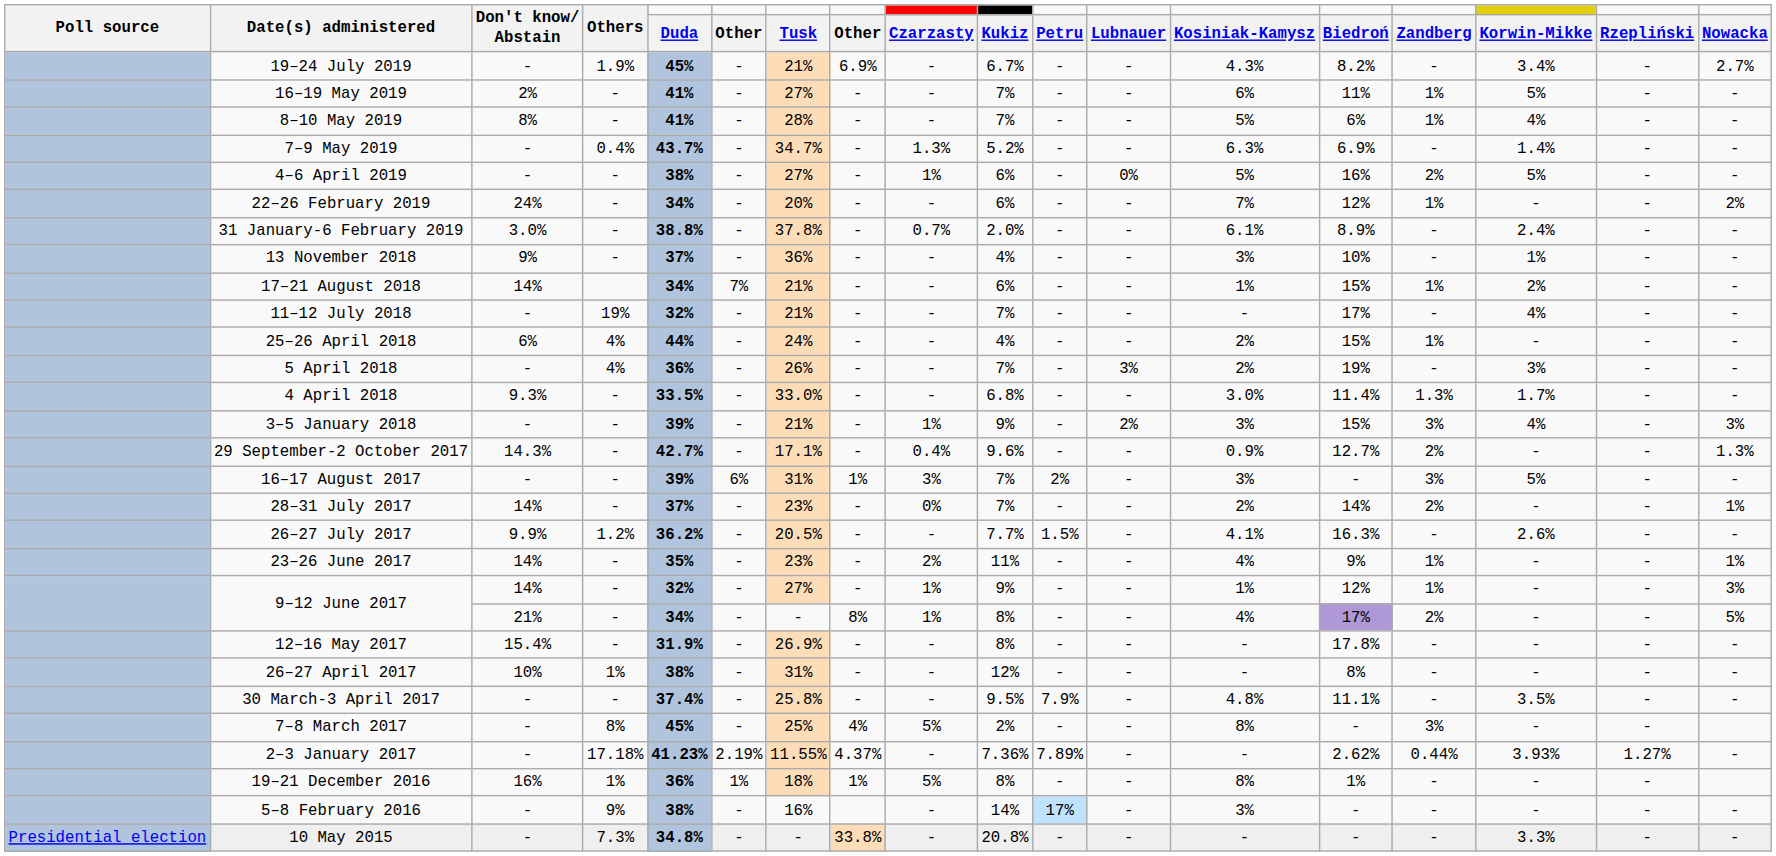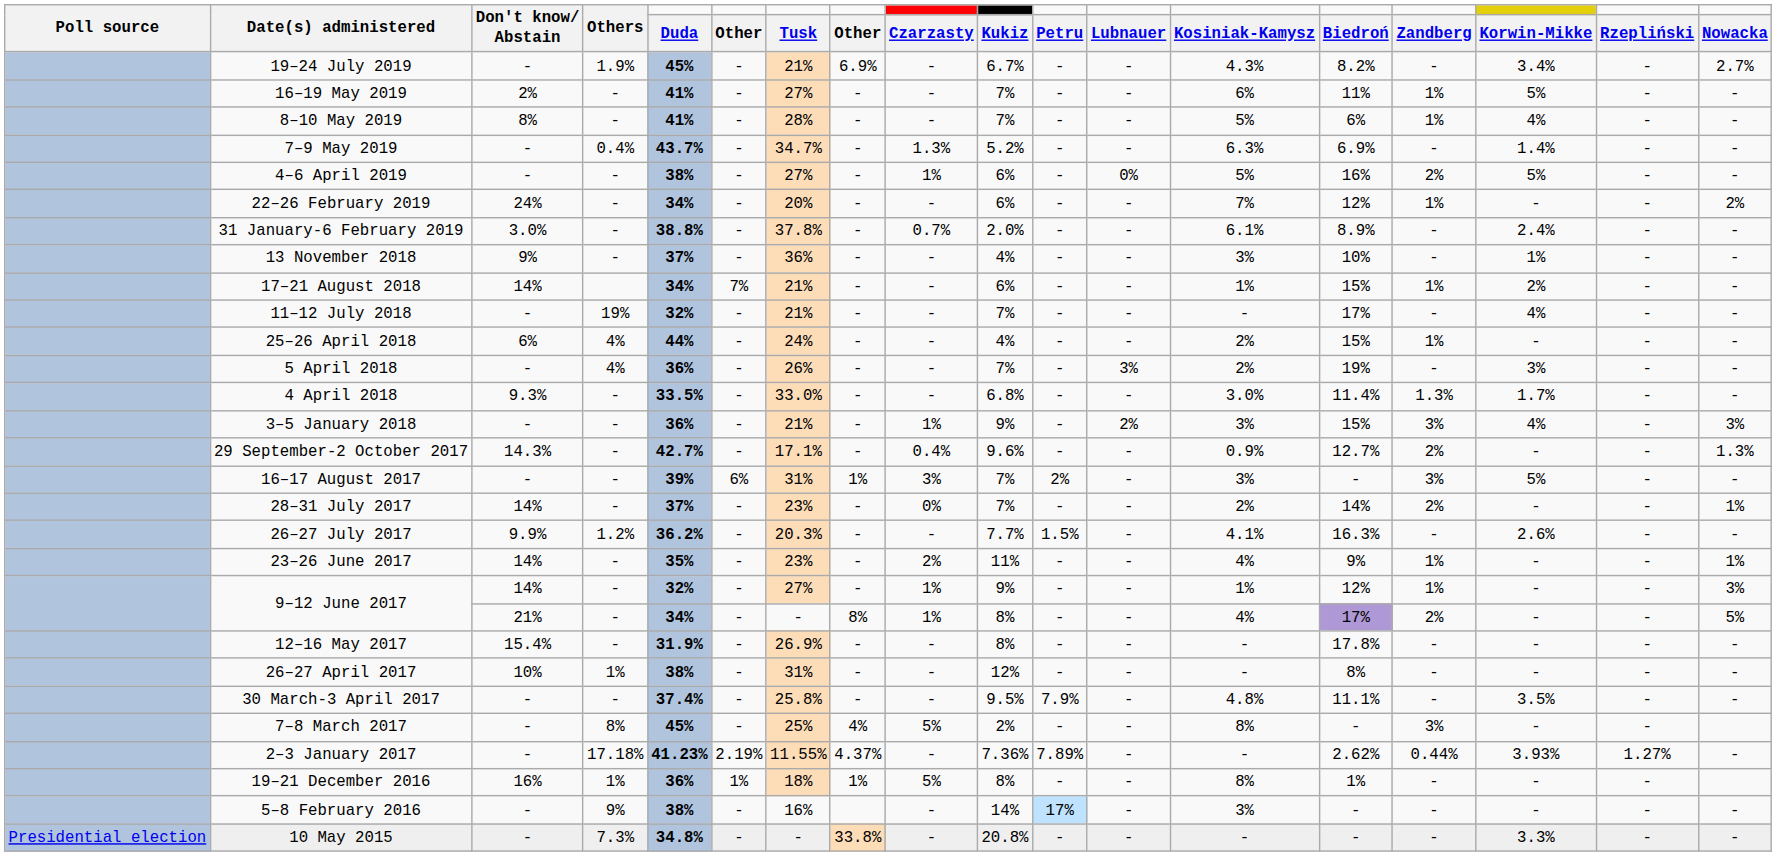 <table class="wikitable" style="text-align:center; font-size:85%; line-height:14px;">
 <tr>
 <th rowspan="2">Poll source</th>
 <th rowspan="2">Date(s) administered</th>
 <th rowspan="2">Don't know/<br>Abstain</th>
 <th rowspan="2">Others</th>
 <td style="background:"></td>
 <td style="background:"></td>
 <td style="background:"></td>
 <td style="background:"></td>
 <td style="background:#f00;"></td>
 <td style="background:#000;"></td>
 <td style="background:"></td>
 <td style="background:"></td>
 <td style="background:"></td>
 <td style="background:"></td>
 <td style="background:"></td>
 <td style="background:#E4D00A;"></td>
 <td style="background:"></td>
 <td style="background:"></td>
 </tr>
 <tr>
 <th><a href='#'>Duda</a><br></th>
 <th>Other<br></th>
 <th><a href='#'>Tusk</a><br></th>
 <th>Other<br></th>
 <th><a href='#'>Czarzasty</a><br></th>
 <th><a href='#'>Kukiz</a><br></th>
 <th><a href='#'>Petru</a><br></th>
 <th><a href='#'>Lubnauer</a><br></th>
 <th><a href='#'>Kosiniak-Kamysz</a><br></th>
 <th><a href='#'>Biedroń</a><br></th>
 <th><a href='#'>Zandberg</a><br></th>
 <th><a href='#'>Korwin-Mikke</a><br></th>
 <th><a href='#'>Rzepliński</a><br></th>
 <th><a href='#'>Nowacka</a><br></th>
 </tr>
 <tr>
 <td style="background:lightsteelblue;"></td>
 <td>19–24 July 2019</td>
 <td>-</td>
 <td>1.9%</td>
 <td style="background:lightsteelblue;"><strong>45%</strong></td>
 <td>-</td>
 <td style="background:#FDDCB8;">21%</td>
 <td>6.9%</td>
 <td>-</td>
 <td>6.7%</td>
 <td>-</td>
 <td>-</td>
 <td>4.3%</td>
 <td>8.2%</td>
 <td>-</td>
 <td>3.4%</td>
 <td>-</td>
 <td>2.7%</td>
 </tr>
 <tr>
 <td style="background:lightsteelblue;"></td>
 <td>16–19 May 2019</td>
 <td>2%</td>
 <td>-</td>
 <td style="background:lightsteelblue;"><strong>41%</strong></td>
 <td>-</td>
 <td style="background:#FDDCB8;">27%</td>
 <td>-</td>
 <td>-</td>
 <td>7%</td>
 <td>-</td>
 <td>-</td>
 <td>6%</td>
 <td>11%</td>
 <td>1%</td>
 <td>5%</td>
 <td>-</td>
 <td>-</td>
 </tr>
 <tr>
 <td style="background:lightsteelblue;"></td>
 <td>8–10 May 2019</td>
 <td>8%</td>
 <td>-</td>
 <td style="background:lightsteelblue;"><strong>41%</strong></td>
 <td>-</td>
 <td style="background:#FDDCB8;">28%</td>
 <td>-</td>
 <td>-</td>
 <td>7%</td>
 <td>-</td>
 <td>-</td>
 <td>5%</td>
 <td>6%</td>
 <td>1%</td>
 <td>4%</td>
 <td>-</td>
 <td>-</td>
 </tr>
 <tr>
 <td style="background:lightsteelblue;"></td>
 <td>7–9 May 2019</td>
 <td>-</td>
 <td>0.4%</td>
 <td style="background:lightsteelblue;"><strong>43.7%</strong></td>
 <td>-</td>
 <td style="background:#FDDCB8;">34.7%</td>
 <td>-</td>
 <td>1.3%</td>
 <td>5.2%</td>
 <td>-</td>
 <td>-</td>
 <td>6.3%</td>
 <td>6.9%</td>
 <td>-</td>
 <td>1.4%</td>
 <td>-</td>
 <td>-</td>
 </tr>
 <tr>
 <td style="background:lightsteelblue;"></td>
 <td>4–6 April 2019</td>
 <td>-</td>
 <td>-</td>
 <td style="background:lightsteelblue;"><strong>38%</strong></td>
 <td>-</td>
 <td style="background:#FDDCB8;">27%</td>
 <td>-</td>
 <td>1%</td>
 <td>6%</td>
 <td>-</td>
 <td>0%</td>
 <td>5%</td>
 <td>16%</td>
 <td>2%</td>
 <td>5%</td>
 <td>-</td>
 <td>-</td>
 </tr>
 <tr>
 <td style="background:lightsteelblue;"></td>
 <td>22–26 February 2019</td>
 <td>24%</td>
 <td>-</td>
 <td style="background:lightsteelblue;"><strong>34%</strong></td>
 <td>-</td>
 <td style="background:#FDDCB8;">20%</td>
 <td>-</td>
 <td>-</td>
 <td>6%</td>
 <td>-</td>
 <td>-</td>
 <td>7%</td>
 <td>12%</td>
 <td>1%</td>
 <td>-</td>
 <td>-</td>
 <td>2%</td>
 </tr>
 <tr>
 <td style="background:lightsteelblue;"></td>
 <td>31 January-6 February 2019</td>
 <td>3.0%</td>
 <td>-</td>
 <td style="background:lightsteelblue;"><strong>38.8%</strong></td>
 <td>-</td>
 <td style="background:#FDDCB8;">37.8%</td>
 <td>-</td>
 <td>0.7%</td>
 <td>2.0%</td>
 <td>-</td>
 <td>-</td>
 <td>6.1%</td>
 <td>8.9%</td>
 <td>-</td>
 <td>2.4%</td>
 <td>-</td>
 <td>-</td>
 </tr>
 <tr>
 <td style="background:lightsteelblue;"></td>
 <td>13 November 2018</td>
 <td>9%</td>
 <td>-</td>
 <td style="background:lightsteelblue;"><strong>37%</strong></td>
 <td>-</td>
 <td style="background:#FDDCB8;">36%</td>
 <td>-</td>
 <td>-</td>
 <td>4%</td>
 <td>-</td>
 <td>-</td>
 <td>3%</td>
 <td>10%</td>
 <td>-</td>
 <td>1%</td>
 <td>-</td>
 <td>-</td>
 </tr>
 <tr>
 <td style="background:lightsteelblue;"></td>
 <td>17–21 August 2018</td>
 <td>14%</td>
 <td></td>
 <td style="background:lightsteelblue;"><strong>34%</strong></td>
 <td>7%</td>
 <td style="background:#FDDCB8;">21%</td>
 <td>-</td>
 <td>-</td>
 <td>6%</td>
 <td>-</td>
 <td>-</td>
 <td>1%</td>
 <td>15%</td>
 <td>1%</td>
 <td>2%</td>
 <td>-</td>
 <td>-</td>
 </tr>
 <tr>
 <td style="background:lightsteelblue;"></td>
 <td>11–12 July 2018</td>
 <td>-</td>
 <td>19%</td>
 <td style="background:lightsteelblue;"><strong>32%</strong></td>
 <td>-</td>
 <td style="background:#FDDCB8;">21%</td>
 <td>-</td>
 <td>-</td>
 <td>7%</td>
 <td>-</td>
 <td>-</td>
 <td>-</td>
 <td>17%</td>
 <td>-</td>
 <td>4%</td>
 <td>-</td>
 <td>-</td>
 </tr>
 <tr>
 <td style="background:lightsteelblue;"></td>
 <td>25–26 April 2018</td>
 <td>6%</td>
 <td>4%</td>
 <td style="background:lightsteelblue;"><strong>44%</strong></td>
 <td>-</td>
 <td style="background:#FDDCB8;">24%</td>
 <td>-</td>
 <td>-</td>
 <td>4%</td>
 <td>-</td>
 <td>-</td>
 <td>2%</td>
 <td>15%</td>
 <td>1%</td>
 <td>-</td>
 <td>-</td>
 <td>-</td>
 </tr>
 <tr>
 <td style="background:lightsteelblue;"></td>
 <td>5 April 2018</td>
 <td>-</td>
 <td>4%</td>
 <td style="background:lightsteelblue;"><strong>36%</strong></td>
 <td>-</td>
 <td style="background:#FDDCB8;">26%</td>
 <td>-</td>
 <td>-</td>
 <td>7%</td>
 <td>-</td>
 <td>3%</td>
 <td>2%</td>
 <td>19%</td>
 <td>-</td>
 <td>3%</td>
 <td>-</td>
 <td>-</td>
 </tr>
 <tr>
 <td style="background:lightsteelblue;"></td>
 <td>4 April 2018</td>
 <td>9.3%</td>
 <td>-</td>
 <td style="background:lightsteelblue;"><strong>33.5%</strong></td>
 <td>-</td>
 <td style="background:#FDDCB8;">33.0%</td>
 <td>-</td>
 <td>-</td>
 <td>6.8%</td>
 <td>-</td>
 <td>-</td>
 <td>3.0%</td>
 <td>11.4%</td>
 <td>1.3%</td>
 <td>1.7%</td>
 <td>-</td>
 <td>-</td>
 </tr>
 <tr>
 <td style="background:lightsteelblue;"></td>
 <td>3–5 January 2018</td>
 <td>-</td>
 <td>-</td>
-<td style="background:lightsteelblue;"><strong>39%</strong></td>
+<td style="background:lightsteelblue;"><strong>36%</strong></td>
 <td>-</td>
 <td style="background:#FDDCB8;">21%</td>
 <td>-</td>
 <td>1%</td>
 <td>9%</td>
 <td>-</td>
 <td>2%</td>
 <td>3%</td>
 <td>15%</td>
 <td>3%</td>
 <td>4%</td>
 <td>-</td>
 <td>3%</td>
 </tr>
 <tr>
 <td style="background:lightsteelblue;"></td>
 <td>29 September-2 October 2017</td>
 <td>14.3%</td>
 <td>-</td>
 <td style="background:lightsteelblue;"><strong>42.7%</strong></td>
 <td>-</td>
 <td style="background:#FDDCB8;">17.1%</td>
 <td>-</td>
 <td>0.4%</td>
 <td>9.6%</td>
 <td>-</td>
 <td>-</td>
 <td>0.9%</td>
 <td>12.7%</td>
 <td>2%</td>
 <td>-</td>
 <td>-</td>
 <td>1.3%</td>
 </tr>
 <tr>
 <td style="background:lightsteelblue;"></td>
 <td>16–17 August 2017</td>
 <td>-</td>
 <td>-</td>
 <td style="background:lightsteelblue;"><strong>39%</strong></td>
 <td>6% </td>
 <td style="background:#FDDCB8;">31%</td>
 <td>1% </td>
 <td>3%</td>
 <td>7%</td>
 <td>2%</td>
 <td>-</td>
 <td>3%</td>
 <td>-</td>
 <td>3%</td>
 <td>5%</td>
 <td>-</td>
 <td>-</td>
 </tr>
 <tr>
 <td style="background:lightsteelblue;"></td>
 <td>28–31 July 2017</td>
 <td>14%</td>
 <td>-</td>
 <td style="background:lightsteelblue;"><strong>37%</strong></td>
 <td>-</td>
 <td style="background:#FDDCB8;">23%</td>
 <td>-</td>
 <td>0%</td>
 <td>7%</td>
 <td>-</td>
 <td>-</td>
 <td>2%</td>
 <td>14%</td>
 <td>2%</td>
 <td>-</td>
 <td>-</td>
 <td>1%</td>
 </tr>
 <tr>
 <td style="background:lightsteelblue;"></td>
 <td>26–27 July 2017</td>
 <td>9.9%</td>
 <td>1.2%</td>
 <td style="background:lightsteelblue;"><strong>36.2%</strong></td>
 <td>-</td>
-<td style="background:#FDDCB8;">20.5%</td>
+<td style="background:#FDDCB8;">20.3%</td>
 <td>-</td>
 <td>-</td>
 <td>7.7%</td>
 <td>1.5%</td>
 <td>-</td>
 <td>4.1%</td>
 <td>16.3%</td>
 <td>-</td>
 <td>2.6%</td>
 <td>-</td>
 <td>-</td>
 </tr>
 <tr>
 <td style="background:lightsteelblue;"></td>
 <td>23–26 June 2017</td>
 <td>14%</td>
 <td>-</td>
 <td style="background:lightsteelblue;"><strong>35%</strong></td>
 <td>-</td>
 <td style="background:#FDDCB8;">23%</td>
 <td>-</td>
 <td>2%</td>
 <td>11%</td>
 <td>-</td>
 <td>-</td>
 <td>4%</td>
 <td>9%</td>
 <td>1%</td>
 <td>-</td>
 <td>-</td>
 <td>1%</td>
 </tr>
 <tr>
 <td rowspan="2" style="background:lightsteelblue;"></td>
 <td rowspan="2">9–12 June 2017</td>
 <td>14%</td>
 <td>-</td>
 <td style="background:lightsteelblue;"><strong>32%</strong></td>
 <td>-</td>
 <td style="background:#FDDCB8;">27%</td>
 <td>-</td>
 <td>1%</td>
 <td>9%</td>
 <td>-</td>
 <td>-</td>
 <td>1%</td>
 <td>12%</td>
 <td>1%</td>
 <td>-</td>
 <td>-</td>
 <td>3%</td>
 </tr>
 <tr>
 <td>21%</td>
 <td>-</td>
 <td style="background:lightsteelblue;"><strong>34%</strong></td>
 <td>-</td>
 <td>-</td>
 <td>8%</td>
 <td>1%</td>
 <td>8%</td>
 <td>-</td>
 <td>-</td>
 <td>4%</td>
 <td style="background:#ae98d6;">17%</td>
 <td>2%</td>
 <td>-</td>
 <td>-</td>
 <td>5%</td>
 </tr>
 <tr>
 <td style="background:lightsteelblue;"></td>
 <td>12–16 May 2017</td>
 <td>15.4%</td>
 <td>-</td>
 <td style="background:lightsteelblue;"><strong>31.9%</strong></td>
 <td>-</td>
 <td style="background:#FDDCB8;">26.9%</td>
 <td>-</td>
 <td>-</td>
 <td>8%</td>
 <td>-</td>
 <td>-</td>
 <td>-</td>
 <td>17.8%</td>
 <td>-</td>
 <td>-</td>
 <td>-</td>
 <td>-</td>
 </tr>
 <tr>
 <td style="background:lightsteelblue;"></td>
 <td>26–27 April 2017</td>
 <td>10%</td>
 <td>1%</td>
 <td style="background:lightsteelblue;"><strong>38%</strong></td>
 <td>-</td>
 <td style="background:#FDDCB8;">31%</td>
 <td>-</td>
 <td>-</td>
 <td>12%</td>
 <td>-</td>
 <td>-</td>
 <td>-</td>
 <td>8%</td>
 <td>-</td>
 <td>-</td>
 <td>-</td>
 <td>-</td>
 </tr>
 <tr>
 <td style="background:lightsteelblue;"></td>
 <td>30 March-3 April 2017</td>
 <td>-</td>
 <td>-</td>
 <td style="background:lightsteelblue;"><strong>37.4%</strong></td>
 <td>-</td>
 <td style="background:#FDDCB8;">25.8%</td>
 <td>-</td>
 <td>-</td>
 <td>9.5%</td>
 <td>7.9%</td>
 <td>-</td>
 <td>4.8%</td>
 <td>11.1%</td>
 <td>-</td>
 <td>3.5%</td>
 <td>-</td>
 <td>-</td>
 </tr>
 <tr>
 <td style="background:lightsteelblue;"></td>
 <td>7–8 March 2017</td>
 <td>-</td>
 <td>8%</td>
 <td style="background:lightsteelblue;"><strong>45%</strong></td>
 <td>-</td>
 <td style="background:#FDDCB8;">25%</td>
 <td>4%</td>
 <td>5%</td>
 <td>2%</td>
 <td>-</td>
 <td>-</td>
 <td>8%</td>
 <td>-</td>
 <td>3%</td>
 <td>-</td>
 <td>-</td>
 </tr>
 <tr>
 <td style="background:lightsteelblue;"></td>
 <td>2–3 January 2017</td>
 <td>-</td>
 <td>17.18%</td>
 <td style="background:lightsteelblue;"><strong>41.23%</strong></td>
 <td>2.19%</td>
 <td style="background:#FDDCB8;">11.55%</td>
 <td>4.37%</td>
 <td>-</td>
 <td>7.36%</td>
 <td>7.89%</td>
 <td>-</td>
 <td>-</td>
 <td>2.62%</td>
 <td>0.44%</td>
 <td>3.93%</td>
 <td>1.27%</td>
 <td>-</td>
 </tr>
 <tr>
 <td style="background:lightsteelblue;"></td>
 <td>19–21 December 2016</td>
 <td>16%</td>
 <td>1%</td>
 <td style="background:lightsteelblue;"><strong>36%</strong></td>
 <td>1%</td>
 <td style="background:#FDDCB8;">18%</td>
 <td>1%</td>
 <td>5%</td>
 <td>8%</td>
 <td>-</td>
 <td>-</td>
 <td>8%</td>
 <td>1%</td>
 <td>-</td>
 <td>-</td>
 <td>-</td>
 </tr>
 <tr>
 <td style="background:lightsteelblue;"></td>
 <td>5–8 February 2016</td>
 <td>-</td>
 <td>9%</td>
 <td style="background:lightsteelblue;"><strong>38%</strong></td>
 <td>-</td>
 <td>16%</td>
 <td></td>
 <td>-</td>
 <td>14%</td>
 <td style="background:#BFE2FF;">17%</td>
 <td>-</td>
 <td>3%</td>
 <td>-</td>
 <td>-</td>
 <td>-</td>
 <td>-</td>
 <td>-</td>
 </tr>
 <tr style="background:#EFEFEF;">
 <td style="background:lightsteelblue;"><a href='#'>Presidential election</a></td>
 <td>10 May 2015</td>
 <td>-</td>
 <td>7.3%</td>
 <td style="background:lightsteelblue;"><strong>34.8%</strong></td>
 <td>-</td>
 <td>-</td>
 <td style="background:#FDDCB8;">33.8%</td>
 <td>-</td>
 <td>20.8%</td>
 <td>-</td>
 <td>-</td>
 <td>-</td>
 <td>-</td>
 <td>-</td>
 <td>3.3%</td>
 <td>-</td>
 <td>-</td>
 </tr>
 </table>
